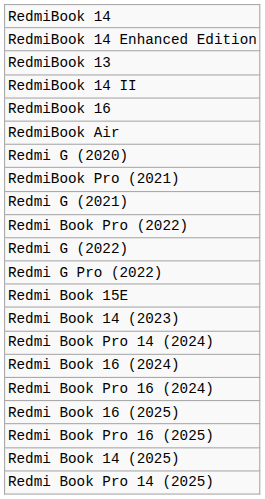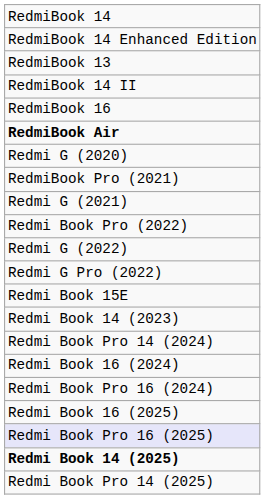 <table class="wikitable">
 <tr>
 <td>RedmiBook 14</td>
 </tr>
 <tr>
 <td>RedmiBook 14 Enhanced Edition</td>
 </tr>
 <tr>
 <td>RedmiBook 13</td>
 </tr>
 <tr>
 <td>RedmiBook 14 II</td>
 </tr>
 <tr>
 <td>RedmiBook 16</td>
 </tr>
 <tr>
-<td>RedmiBook Air</td>
+<td><strong>RedmiBook Air</strong></td>
 </tr>
 <tr>
 <td>Redmi G (2020)</td>
 </tr>
 <tr>
 <td>RedmiBook Pro (2021)</td>
 </tr>
 <tr>
 <td>Redmi G (2021)</td>
 </tr>
 <tr>
 <td>Redmi Book Pro (2022)</td>
 </tr>
 <tr>
 <td>Redmi G (2022)</td>
 </tr>
 <tr>
 <td>Redmi G Pro (2022)</td>
 </tr>
 <tr>
 <td>Redmi Book 15E</td>
 </tr>
 <tr>
 <td>Redmi Book 14 (2023)</td>
 </tr>
 <tr>
 <td>Redmi Book Pro 14 (2024)</td>
 </tr>
 <tr>
 <td>Redmi Book 16 (2024)</td>
 </tr>
 <tr>
 <td>Redmi Book Pro 16 (2024)</td>
 </tr>
 <tr>
 <td>Redmi Book 16 (2025)</td>
 </tr>
 <tr>
-<td>Redmi Book Pro 16 (2025)</td>
+<td style="background: lavender;">Redmi Book Pro 16 (2025)</td>
 </tr>
 <tr>
-<td>Redmi Book 14 (2025)</td>
+<td><strong>Redmi Book 14 (2025)</strong></td>
 </tr>
 <tr>
 <td>Redmi Book Pro 14 (2025)</td>
 </tr>
 </table>
